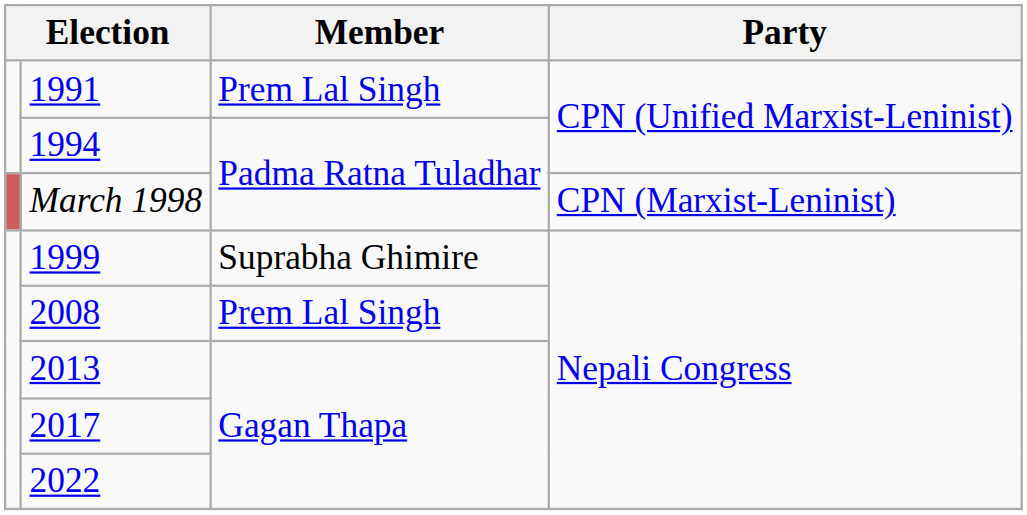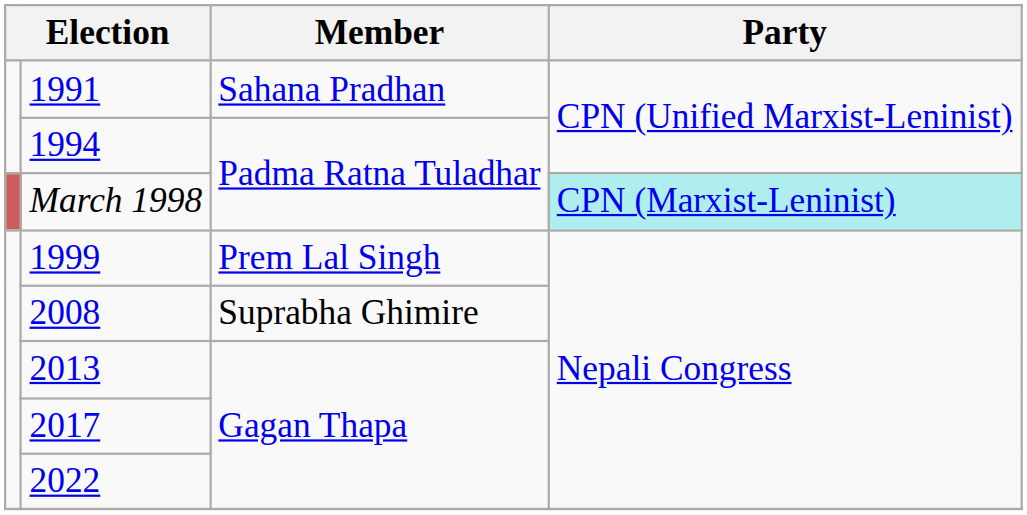 <table class="wikitable">
 <tr>
 <th colspan="2">Election</th>
 <th>Member</th>
 <th>Party</th>
 </tr>
 <tr>
 <td rowspan="2" style="background-color:"></td>
 <td><a href='#'>1991</a></td>
-<td><a href='#'>Prem Lal Singh</a></td>
+<td><a href='#'>Sahana Pradhan</a></td>
 <td rowspan="2"><a href='#'>CPN (Unified Marxist-Leninist)</a></td>
 </tr>
 <tr>
 <td><a href='#'>1994</a></td>
 <td rowspan="2"><a href='#'>Padma Ratna Tuladhar</a></td>
 </tr>
 <tr>
 <td style="background-color:indianred"></td>
 <td><em>March 1998</em></td>
-<td><a href='#'>CPN (Marxist-Leninist)</a></td>
+<td style="background: paleturquoise;"><a href='#'>CPN (Marxist-Leninist)</a></td>
 </tr>
 <tr>
 <td rowspan="5" style="background-color:"></td>
 <td><a href='#'>1999</a></td>
-<td>Suprabha Ghimire</td>
+<td><a href='#'>Prem Lal Singh</a></td>
 <td rowspan="5"><a href='#'>Nepali Congress</a></td>
 </tr>
 <tr>
 <td><a href='#'>2008</a></td>
-<td><a href='#'>Prem Lal Singh</a></td>
+<td>Suprabha Ghimire</td>
 </tr>
 <tr>
 <td><a href='#'>2013</a></td>
 <td rowspan="3"><a href='#'>Gagan Thapa</a></td>
 </tr>
 <tr>
 <td><a href='#'>2017</a></td>
 </tr>
 <tr>
 <td><a href='#'>2022</a></td>
 </tr>
 <tr>
 </tr>
 </table>
